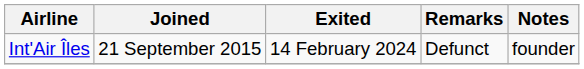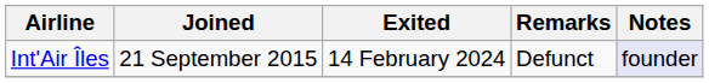 <table class="wikitable sortable">
 <tr>
 <th>Airline</th>
 <th>Joined</th>
 <th>Exited</th>
 <th>Remarks</th>
 <th>Notes</th>
 </tr>
 <tr>
 <td> <a href='#'>Int'Air Îles</a></td>
 <td>21 September 2015</td>
 <td>14 February 2024</td>
 <td>Defunct</td>
-<td>founder</td>
+<td style="background: lavender;">founder</td>
 </tr>
 <tr>
 </tr>
 </table>
